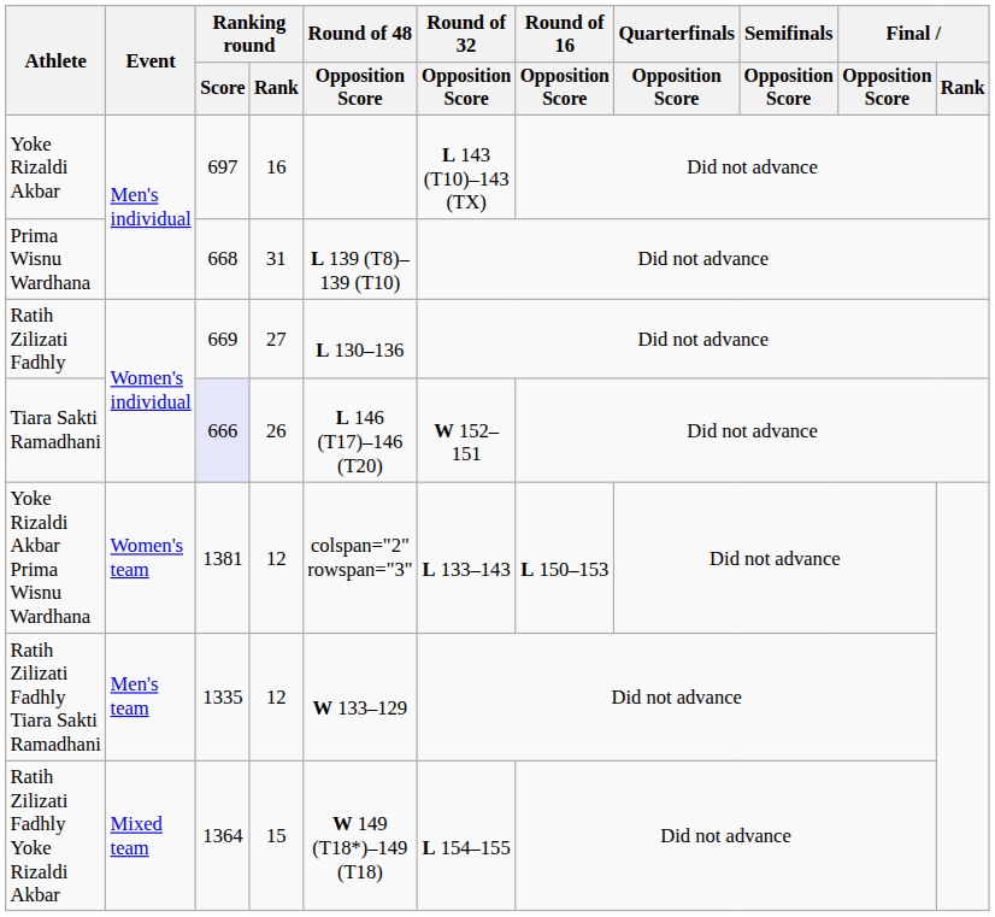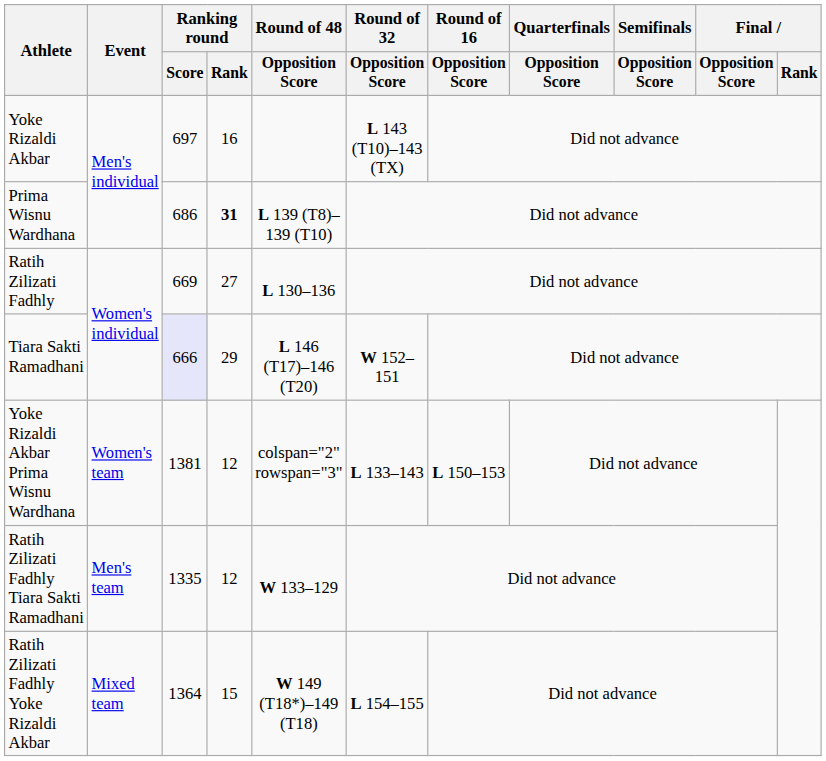 <table class="wikitable" style="font-size:90%; text-align:center;">
 <tr>
 <th rowspan="2">Athlete</th>
 <th rowspan="2">Event</th>
 <th colspan="2">Ranking round</th>
 <th>Round of 48</th>
 <th>Round of 32</th>
 <th>Round of 16</th>
 <th>Quarterfinals</th>
 <th>Semifinals</th>
 <th colspan=2>Final / </th>
 </tr>
 <tr style=font-size:95%>
 <th>Score</th>
 <th>Rank</th>
 <th>Opposition<br>Score</th>
 <th>Opposition<br>Score</th>
 <th>Opposition<br>Score</th>
 <th>Opposition<br>Score</th>
 <th>Opposition<br>Score</th>
 <th>Opposition<br>Score</th>
 <th>Rank</th>
 </tr>
 <tr>
 <td align="left">Yoke Rizaldi Akbar</td>
 <td align="left" rowspan="2"><a href='#'>Men's individual</a></td>
 <td>697</td>
 <td>16</td>
 <td></td>
 <td><br><strong>L</strong> 143 (T10)–143 (TX)</td>
 <td colspan="5">Did not advance</td>
 </tr>
 <tr>
 <td align="left">Prima Wisnu Wardhana</td>
-<td>668</td>
-<td>31</td>
+<td>686</td>
+<td><strong>31</strong></td>
 <td><br><strong>L</strong> 139 (T8)–139 (T10)</td>
 <td colspan="6">Did not advance</td>
 </tr>
 <tr>
 <td align="left">Ratih Zilizati Fadhly</td>
 <td align="left" rowspan="2"><a href='#'>Women's individual</a></td>
 <td>669</td>
 <td>27</td>
 <td><br><strong>L</strong> 130–136</td>
 <td colspan="6">Did not advance</td>
 </tr>
 <tr>
 <td align="left">Tiara Sakti Ramadhani</td>
 <td style="background: lavender;">666</td>
-<td>26</td>
+<td>29</td>
 <td><br><strong>L</strong> 146 (T17)–146 (T20)</td>
 <td><br><strong>W</strong> 152–151</td>
 <td colspan="5">Did not advance</td>
 </tr>
 <tr>
 <td align="left">Yoke Rizaldi Akbar<br>Prima Wisnu Wardhana</td>
 <td align="left"><a href='#'>Women's team</a></td>
 <td>1381</td>
 <td>12</td>
 <td>colspan="2" rowspan="3" </td>
 <td><br><strong>L</strong> 133–143</td>
 <td><br><strong>L</strong> 150–153</td>
 <td colspan="3">Did not advance</td>
 </tr>
 <tr>
 <td align="left">Ratih Zilizati Fadhly<br>Tiara Sakti Ramadhani</td>
 <td align="left"><a href='#'>Men's team</a></td>
 <td>1335</td>
 <td>12</td>
 <td><br><strong>W</strong> 133–129</td>
 <td colspan="5">Did not advance</td>
 </tr>
 <tr>
 <td align="left">Ratih Zilizati Fadhly<br>Yoke Rizaldi Akbar</td>
 <td align="left"><a href='#'>Mixed team</a></td>
 <td>1364</td>
 <td>15</td>
 <td><br><strong>W</strong> 149 (T18*)–149 (T18)</td>
 <td><br><strong>L</strong> 154–155</td>
 <td colspan="4">Did not advance</td>
 </tr>
 </table>
